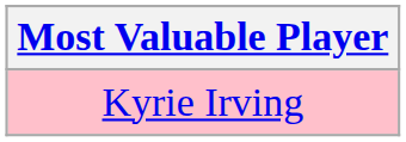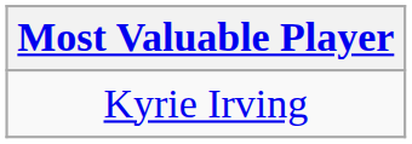 <table class=wikitable style="text-align:center; margin:auto">
 <tr>
 <th><a href='#'>Most Valuable Player</a></th>
 </tr>
 <tr>
-<td style="background: pink;"> <a href='#'>Kyrie Irving</a></td>
+<td> <a href='#'>Kyrie Irving</a></td>
 </tr>
 </table>
